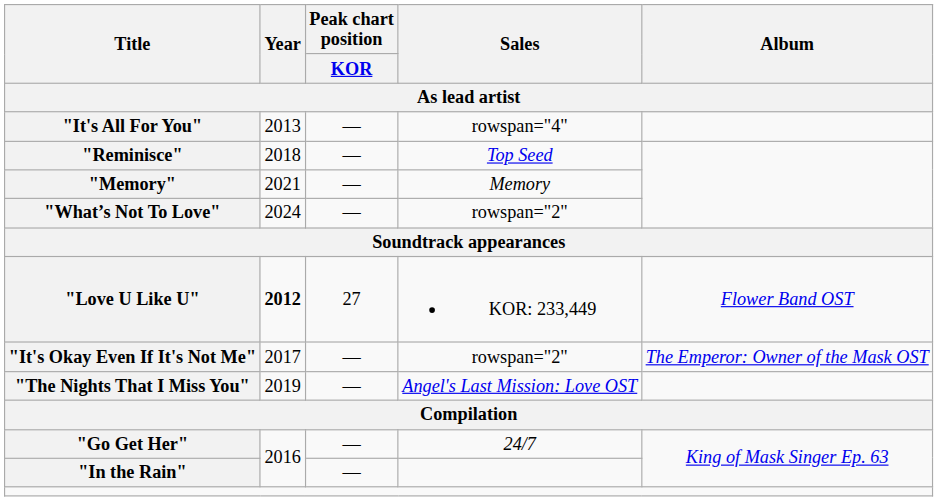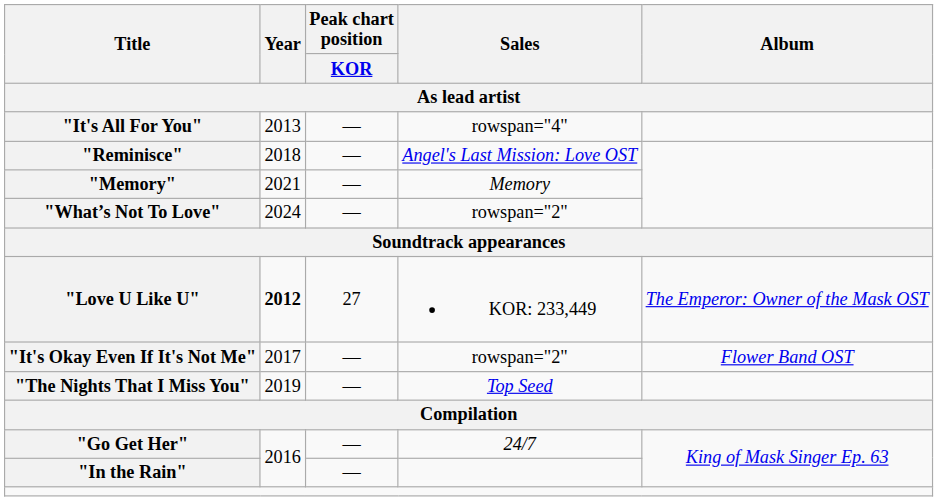 <table class="wikitable plainrowheaders" style="text-align:center">
 <tr>
 <th rowspan="2">Title</th>
 <th rowspan="2">Year</th>
 <th>Peak chart<br>position</th>
 <th rowspan="2">Sales</th>
 <th rowspan="2">Album</th>
 </tr>
 <tr>
 <th><a href='#'>KOR</a><br></th>
 </tr>
 <tr>
 <th colspan="5">As lead artist</th>
 </tr>
 <tr>
 <th scope="row">"It's All For You"</th>
 <td>2013</td>
 <td>—</td>
 <td>rowspan="4" </td>
 <td></td>
 </tr>
 <tr>
 <th scope="row">"Reminisce"</th>
 <td>2018</td>
 <td>—</td>
-<td><em><a href='#'>Top Seed</a></em></td>
+<td><a href='#'><em>Angel's Last Mission: Love OST</em></a></td>
 </tr>
 <tr>
 <th scope="row">"Memory" </th>
 <td>2021</td>
 <td>—</td>
 <td><em>Memory</em></td>
 </tr>
 <tr>
 <th scope="row">"What’s Not To Love"</th>
 <td>2024</td>
 <td>—</td>
 <td>rowspan="2" </td>
 </tr>
 <tr>
 <th colspan="5">Soundtrack appearances</th>
 </tr>
 <tr>
 <th scope="row">"Love U Like U"<br></th>
 <td><strong>2012</strong></td>
 <td>27</td>
 <td><br><ul><li>KOR: 233,449</li></ul></td>
-<td><a href='#'><em>Flower Band OST</em></a></td>
+<td><a href='#'><em>The Emperor: Owner of the Mask OST</em></a></td>
 </tr>
 <tr>
 <th scope="row">"It's Okay Even If It's Not Me" </th>
 <td>2017</td>
 <td>—</td>
 <td>rowspan="2" </td>
-<td><a href='#'><em>The Emperor: Owner of the Mask OST</em></a></td>
+<td><a href='#'><em>Flower Band OST</em></a></td>
 </tr>
 <tr>
 <th scope="row">"The Nights That I Miss You" </th>
 <td>2019</td>
 <td>—</td>
-<td><a href='#'><em>Angel's Last Mission: Love OST</em></a></td>
+<td><em><a href='#'>Top Seed</a></em></td>
 </tr>
 <tr>
 <th colspan="5">Compilation</th>
 </tr>
 <tr>
 <th scope="row">"Go Get Her" <br></th>
 <td rowspan="2">2016</td>
 <td>—</td>
 <td><em>24/7</em></td>
 <td rowspan="2"><em><a href='#'>King of Mask Singer Ep. 63</a></em></td>
 </tr>
 <tr>
 <th scope="row">"In the Rain" </th>
 <td>—</td>
 </tr>
 <tr>
 <td colspan="5"></td>
 </tr>
 </table>
